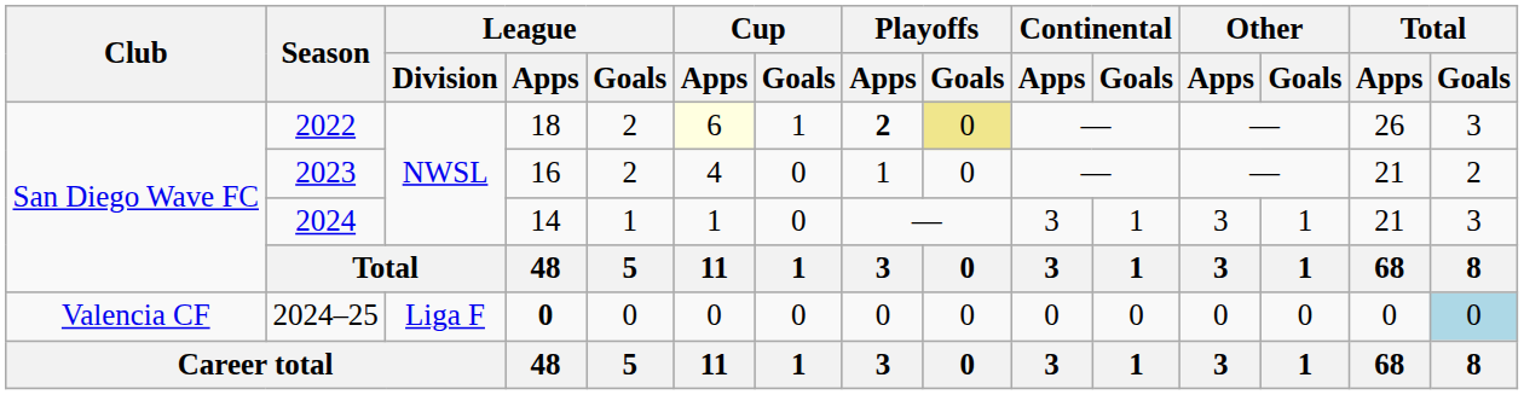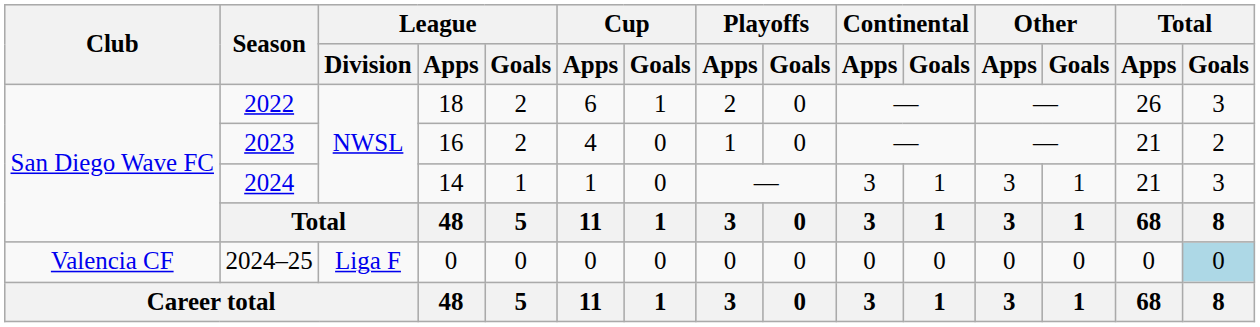 <table class="wikitable" style="text-align: center;">
 <tr>
 <th rowspan="2">Club</th>
 <th rowspan="2">Season</th>
 <th colspan="3">League</th>
 <th colspan="2">Cup</th>
 <th colspan="2">Playoffs</th>
 <th colspan="2">Continental</th>
 <th colspan="2">Other</th>
 <th colspan="2">Total</th>
 </tr>
 <tr>
 <th>Division</th>
 <th>Apps</th>
 <th>Goals</th>
 <th>Apps</th>
 <th>Goals</th>
 <th>Apps</th>
 <th>Goals</th>
 <th>Apps</th>
 <th>Goals</th>
 <th>Apps</th>
 <th>Goals</th>
 <th>Apps</th>
 <th>Goals</th>
 </tr>
 <tr>
 <td rowspan="4"><a href='#'>San Diego Wave FC</a></td>
 <td><a href='#'>2022</a></td>
 <td rowspan="3"><a href='#'>NWSL</a></td>
 <td>18</td>
 <td>2</td>
-<td style="background: lightyellow;">6</td>
+<td>6</td>
 <td>1</td>
-<td><strong>2</strong></td>
-<td style="background: khaki;">0</td>
+<td>2</td>
+<td>0</td>
 <td colspan="2">—</td>
 <td colspan="2">—</td>
 <td>26</td>
 <td>3</td>
 </tr>
 <tr>
 <td><a href='#'>2023</a></td>
 <td>16</td>
 <td>2</td>
 <td>4</td>
 <td>0</td>
 <td>1</td>
 <td>0</td>
 <td colspan="2">—</td>
 <td colspan="2">—</td>
 <td>21</td>
 <td>2</td>
 </tr>
 <tr>
 <td><a href='#'>2024</a></td>
 <td>14</td>
 <td>1</td>
 <td>1</td>
 <td>0</td>
 <td colspan="2">—</td>
 <td>3</td>
 <td>1</td>
 <td>3</td>
 <td>1</td>
 <td>21</td>
 <td>3</td>
 </tr>
 <tr>
 <th colspan="2">Total</th>
 <th>48</th>
 <th>5</th>
 <th>11</th>
 <th>1</th>
 <th>3</th>
 <th>0</th>
 <th>3</th>
 <th>1</th>
 <th>3</th>
 <th>1</th>
 <th>68</th>
 <th>8</th>
 </tr>
 <tr>
 <td><a href='#'>Valencia CF</a></td>
 <td>2024–25</td>
 <td><a href='#'>Liga F</a></td>
-<td><strong>0</strong></td>
+<td>0</td>
 <td>0</td>
 <td>0</td>
 <td>0</td>
 <td>0</td>
 <td>0</td>
 <td>0</td>
 <td>0</td>
 <td>0</td>
 <td>0</td>
 <td>0</td>
 <td style="background: lightblue;">0</td>
 </tr>
 <tr>
 <th colspan="3">Career total</th>
 <th>48</th>
 <th>5</th>
 <th>11</th>
 <th>1</th>
 <th>3</th>
 <th>0</th>
 <th>3</th>
 <th>1</th>
 <th>3</th>
 <th>1</th>
 <th>68</th>
 <th>8</th>
 </tr>
 </table>
